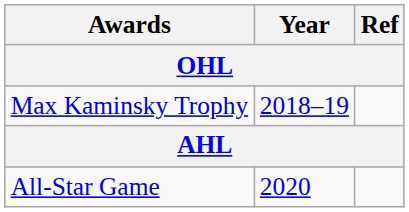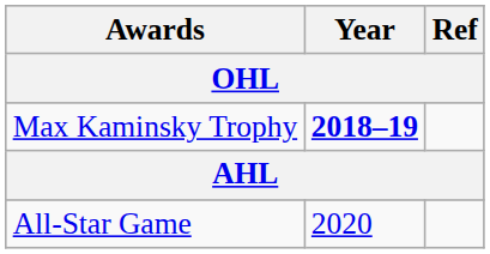 <table class="wikitable">
 <tr>
 <th>Awards</th>
 <th>Year</th>
 <th>Ref</th>
 </tr>
 <tr>
 <th colspan="3"><a href='#'>OHL</a></th>
 </tr>
 <tr>
 <td><a href='#'>Max Kaminsky Trophy</a></td>
-<td><a href='#'>2018–19</a></td>
+<td><strong><a href='#'>2018–19</a></strong></td>
 <td></td>
 </tr>
 <tr>
 <th colspan="3"><a href='#'>AHL</a></th>
 </tr>
 <tr>
 <td><a href='#'>All-Star Game</a></td>
 <td><a href='#'>2020</a></td>
 <td></td>
 </tr>
 </table>
